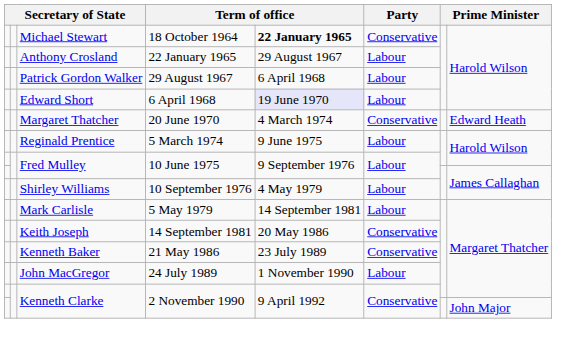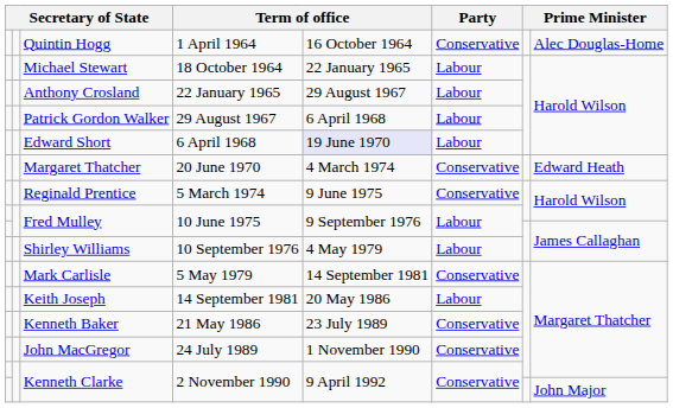 <table class="wikitable">
 <tr>
 <th colspan=3>Secretary of State</th>
 <th colspan=2>Term of office</th>
 <th>Party</th>
 <th colspan=2>Prime Minister</th>
 </tr>
 <tr style="height:1em">
 <td style="background-color:"></td>
 <td></td>
+<td><a href='#'>Quintin Hogg<br></a></td>
+<td>1 April 1964</td>
+<td>16 October 1964</td>
+<td><a href='#'>Conservative</a></td>
+<td style="background-color:"></td>
+<td><a href='#'>Alec Douglas-Home</a></td>
+</tr>
+<tr style="height:1em">
+<td style="background-color:"></td>
+<td></td>
 <td><a href='#'>Michael Stewart</a></td>
 <td>18 October 1964</td>
-<td><strong>22 January 1965</strong></td>
-<td><a href='#'>Conservative</a></td>
+<td>22 January 1965</td>
+<td><a href='#'>Labour</a></td>
 <td rowspan=4 style="background-color:"></td>
 <td rowspan=4><a href='#'>Harold Wilson</a></td>
 </tr>
 <tr style="height:1em">
 <td style="background-color:"></td>
 <td></td>
 <td><a href='#'>Anthony Crosland</a></td>
 <td>22 January 1965</td>
 <td>29 August 1967</td>
 <td><a href='#'>Labour</a></td>
 </tr>
 <tr style="height:1em">
 <td style="background-color:"></td>
 <td></td>
 <td><a href='#'>Patrick Gordon Walker</a></td>
 <td>29 August 1967</td>
 <td>6 April 1968</td>
 <td><a href='#'>Labour</a></td>
 </tr>
 <tr style="height:1em">
 <td style="background-color:"></td>
 <td></td>
 <td><a href='#'>Edward Short</a></td>
 <td>6 April 1968</td>
 <td style="background: lavender;">19 June 1970</td>
 <td><a href='#'>Labour</a></td>
 </tr>
 <tr style="height:1em">
 <td style="background-color:"></td>
 <td></td>
 <td><a href='#'>Margaret Thatcher</a></td>
 <td>20 June 1970</td>
 <td>4 March 1974</td>
 <td><a href='#'>Conservative</a></td>
 <td style="background-color:"></td>
 <td><a href='#'>Edward Heath</a></td>
 </tr>
 <tr style="height:1em">
 <td style="background-color:"></td>
 <td></td>
 <td><a href='#'>Reginald Prentice</a></td>
 <td>5 March 1974</td>
 <td>9 June 1975</td>
-<td><a href='#'>Labour</a></td>
+<td><a href='#'>Conservative</a></td>
 <td rowspan=2 style="background-color:"></td>
 <td rowspan=2><a href='#'>Harold Wilson</a></td>
 </tr>
 <tr style="height:1em">
 <td style="background-color:"></td>
 <td rowspan=2></td>
 <td rowspan=2><a href='#'>Fred Mulley</a></td>
 <td rowspan=2>10 June 1975</td>
 <td rowspan=2>9 September 1976</td>
 <td rowspan=2><a href='#'>Labour</a></td>
 </tr>
 <tr style="height:1em">
 <td style="background-color:"></td>
 <td rowspan=2 style="background-color:"></td>
 <td rowspan=2><a href='#'>James Callaghan</a></td>
 </tr>
 <tr style="height:1em">
 <td style="background-color:"></td>
 <td></td>
 <td><a href='#'>Shirley Williams</a></td>
 <td>10 September 1976</td>
 <td>4 May 1979</td>
 <td><a href='#'>Labour</a></td>
 </tr>
 <tr style="height:1em">
 <td style="background-color:"></td>
 <td></td>
 <td><a href='#'>Mark Carlisle</a></td>
 <td>5 May 1979</td>
 <td>14 September 1981</td>
-<td><a href='#'>Labour</a></td>
+<td><a href='#'>Conservative</a></td>
 <td rowspan=5 style="background-color:"></td>
 <td rowspan=5><a href='#'>Margaret Thatcher</a></td>
 </tr>
 <tr style="height:1em">
 <td style="background-color:"></td>
 <td></td>
 <td><a href='#'>Keith Joseph</a></td>
 <td>14 September 1981</td>
 <td>20 May 1986</td>
-<td><a href='#'>Conservative</a></td>
+<td><a href='#'>Labour</a></td>
 </tr>
 <tr style="height:1em">
 <td style="background-color:"></td>
 <td></td>
 <td><a href='#'>Kenneth Baker</a></td>
 <td>21 May 1986</td>
 <td>23 July 1989</td>
 <td><a href='#'>Conservative</a></td>
 </tr>
 <tr style="height:1em">
 <td style="background-color:"></td>
 <td></td>
 <td><a href='#'>John MacGregor</a></td>
 <td>24 July 1989</td>
 <td>1 November 1990</td>
-<td><a href='#'>Labour</a></td>
+<td><a href='#'>Conservative</a></td>
 </tr>
 <tr style="height:1em">
 <td style="background-color:"></td>
 <td rowspan=2></td>
 <td rowspan=2><a href='#'>Kenneth Clarke</a></td>
 <td rowspan=2>2 November 1990</td>
 <td rowspan=2>9 April 1992</td>
 <td rowspan=2><a href='#'>Conservative</a></td>
 </tr>
 <tr style="height:1em">
 <td style="background-color:"></td>
 <td style="background-color:"></td>
 <td><a href='#'>John Major</a></td>
 </tr>
 </table>
